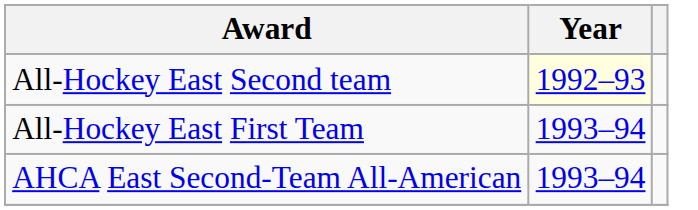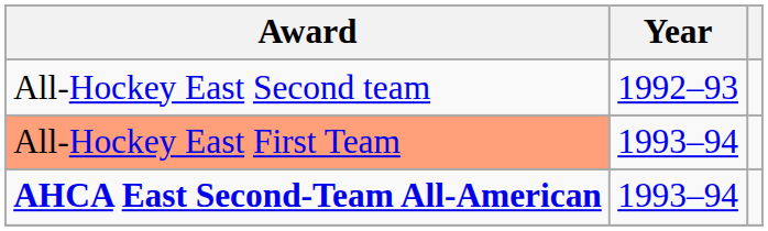 <table class="wikitable">
 <tr>
 <th>Award</th>
 <th>Year</th>
 <th></th>
 </tr>
 <tr>
 <td>All-<a href='#'>Hockey East</a> <a href='#'>Second team</a></td>
-<td style="background: lightyellow;"><a href='#'>1992–93</a></td>
+<td><a href='#'>1992–93</a></td>
 <td></td>
 </tr>
 <tr>
-<td>All-<a href='#'>Hockey East</a> <a href='#'>First Team</a></td>
+<td style="background: lightsalmon;">All-<a href='#'>Hockey East</a> <a href='#'>First Team</a></td>
 <td><a href='#'>1993–94</a></td>
 <td></td>
 </tr>
 <tr>
-<td><a href='#'>AHCA</a> <a href='#'>East Second-Team All-American</a></td>
+<td><strong><a href='#'>AHCA</a> <a href='#'>East Second-Team All-American</a></strong></td>
 <td><a href='#'>1993–94</a></td>
 <td></td>
 </tr>
 <tr>
 </tr>
 </table>
